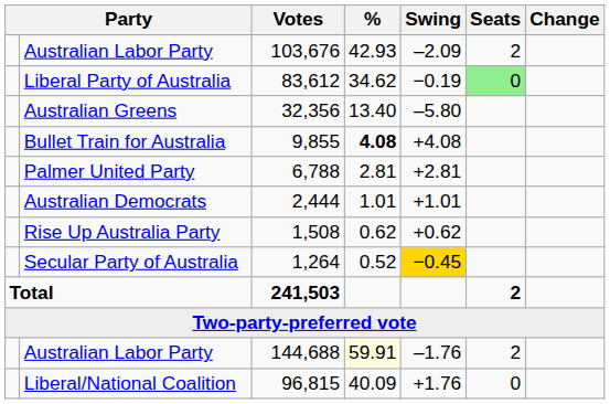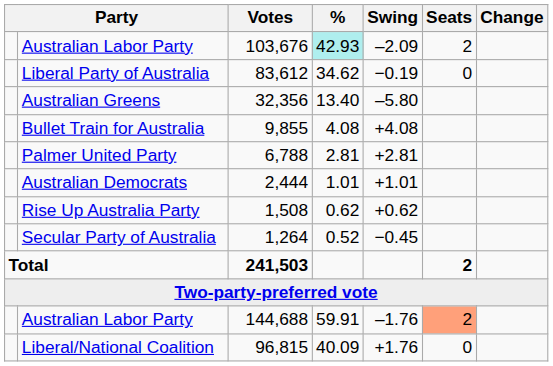 <table class="wikitable">
 <tr>
 <th style="width:200px" colspan=2><strong>Party</strong></th>
 <th style="width:70px; text-align:center;"><strong>Votes</strong></th>
 <th style="width:40px; text-align:center;"><strong>%</strong></th>
 <th style="width:40px; text-align:center;"><strong>Swing</strong></th>
 <th style="width:40px; text-align:center;"><strong>Seats</strong></th>
 <th style="width:40px; text-align:center;"><strong>Change</strong></th>
 </tr>
 <tr>
 <td> </td>
 <td><a href='#'>Australian Labor Party</a></td>
 <td align=right>103,676</td>
-<td align=right>42.93</td>
+<td align=right style="background: paleturquoise;">42.93</td>
 <td align=right>–2.09</td>
 <td align=right>2</td>
 <td align=right></td>
 </tr>
 <tr>
 <td> </td>
 <td><a href='#'>Liberal Party of Australia</a></td>
 <td align=right>83,612</td>
 <td align=right>34.62</td>
 <td align=right>−0.19</td>
-<td align=right style="background: lightgreen;">0</td>
+<td align=right>0</td>
 <td align=right></td>
 </tr>
 <tr>
 <td> </td>
 <td><a href='#'>Australian Greens</a></td>
 <td align=right>32,356</td>
 <td align=right>13.40</td>
 <td align=right>–5.80</td>
 <td align=right></td>
 <td align=right></td>
 </tr>
 <tr>
 <td> </td>
 <td><a href='#'>Bullet Train for Australia</a></td>
 <td align=right>9,855</td>
-<td align=right><strong>4.08</strong></td>
+<td align=right>4.08</td>
 <td align=right>+4.08</td>
 <td align=right></td>
 <td align=right></td>
 </tr>
 <tr>
 <td> </td>
 <td><a href='#'>Palmer United Party</a></td>
 <td align=right>6,788</td>
 <td align=right>2.81</td>
 <td align=right>+2.81</td>
 <td align=right></td>
 <td align=right></td>
 </tr>
 <tr>
 <td> </td>
 <td><a href='#'>Australian Democrats</a></td>
 <td align=right>2,444</td>
 <td align=right>1.01</td>
 <td align=right>+1.01</td>
 <td align=right></td>
 <td align=right></td>
 </tr>
 <tr>
 <td> </td>
 <td><a href='#'>Rise Up Australia Party</a></td>
 <td align=right>1,508</td>
 <td align=right>0.62</td>
 <td align=right>+0.62</td>
 <td align=right></td>
 <td align=right></td>
 </tr>
 <tr>
 <td> </td>
 <td><a href='#'>Secular Party of Australia</a></td>
 <td align=right>1,264</td>
 <td align=right>0.52</td>
-<td align=right style="background: gold;">−0.45</td>
+<td align=right>−0.45</td>
 <td align=right></td>
 <td align=right></td>
 </tr>
 <tr>
 <td colspan="2"><strong>Total</strong></td>
 <td align="right"><strong>241,503</strong></td>
 <td align="right"></td>
 <td align="right"></td>
 <td align=right><strong>2</strong></td>
 <td align=right></td>
 </tr>
 <tr>
 <td colspan="7" style="text-align:center; background:#eee;"><strong><a href='#'>Two-party-preferred vote</a></strong></td>
 </tr>
 <tr>
 <td> </td>
 <td><a href='#'>Australian Labor Party</a></td>
 <td align=right>144,688</td>
-<td align=right style="background: lightyellow;">59.91</td>
+<td align=right>59.91</td>
 <td align=right>–1.76</td>
-<td align=right>2</td>
+<td align=right style="background: lightsalmon;">2</td>
 <td align=right></td>
 </tr>
 <tr>
 <td> </td>
 <td><a href='#'>Liberal/National Coalition</a></td>
 <td align=right>96,815</td>
 <td align=right>40.09</td>
 <td align=right>+1.76</td>
 <td align=right>0</td>
 <td align=right></td>
 </tr>
 </table>
